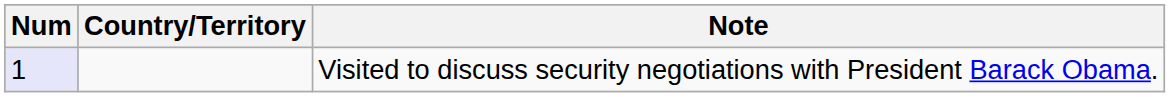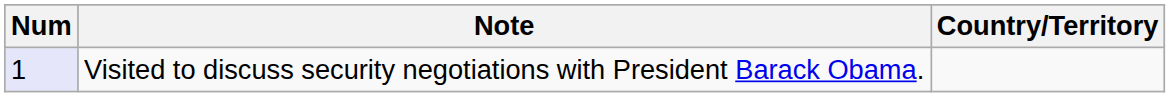 <table class="wikitable">
 <tr>
 <th>Num</th>
+<th>Note</th>
 <th>Country/Territory</th>
-<th>Note</th>
 </tr>
 <tr>
 <td style="background: lavender;">1</td>
+<td>Visited to discuss security negotiations with President <a href='#'>Barack Obama</a>.</td>
 <td></td>
-<td>Visited to discuss security negotiations with President <a href='#'>Barack Obama</a>.</td>
 </tr>
 </table>
